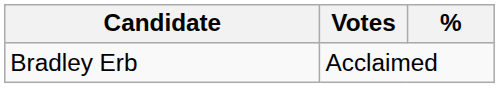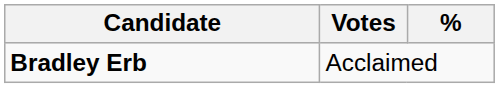 <table class="wikitable sortable">
 <tr>
 <th bgcolor="#DDDDFF" width="200px">Candidate</th>
 <th bgcolor="#DDDDFF" width="50px">Votes</th>
 <th bgcolor="#DDDDFF" width="50px">%</th>
 </tr>
 <tr>
-<td>Bradley Erb</td>
+<td><strong>Bradley Erb</strong></td>
 <td colspan="2">Acclaimed</td>
 </tr>
 </table>
